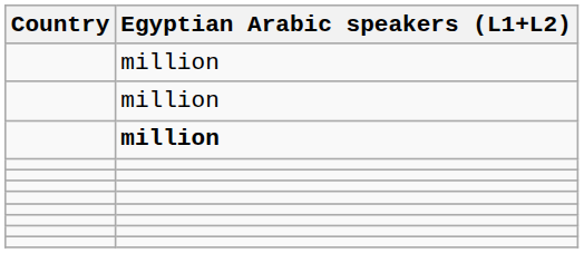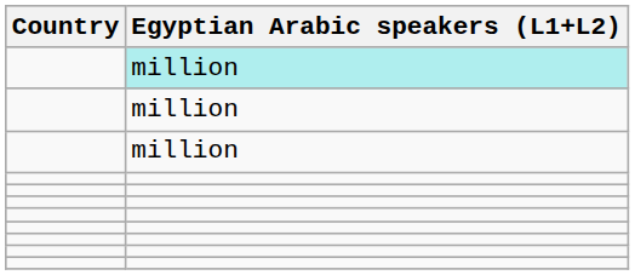 <table class="wikitable">
 <tr>
 <th>Country</th>
 <th>Egyptian Arabic speakers (L1+L2)</th>
+</tr>
+<tr>
+<td></td>
+<td style="background: paleturquoise;"> million</td>
 </tr>
 <tr>
 <td></td>
 <td> million</td>
 </tr>
 <tr>
 <td></td>
 <td> million</td>
-</tr>
-<tr>
-<td></td>
-<td><strong> million</strong></td>
 </tr>
 <tr>
 <td></td>
 <td></td>
 </tr>
 <tr>
 <td></td>
 <td></td>
 </tr>
 <tr>
 <td></td>
 <td></td>
 </tr>
 <tr>
 <td></td>
 <td></td>
 </tr>
 <tr>
 <td></td>
 <td></td>
 </tr>
 <tr>
 <td></td>
 <td></td>
 </tr>
 <tr>
 <td></td>
 <td></td>
 </tr>
 <tr>
 <td></td>
 <td></td>
 </tr>
 </table>
